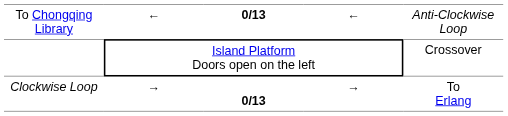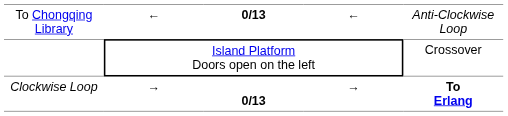 <table table border=0 cellspacing=0 cellpadding=4>
 <tr>
 <td style="border-top:solid 1px gray;" width=120 valign=top align=center>To <a href='#'>Chongqing Library</a></td>
 <td style="border-top:solid 1px gray;" width=120 valign=top align=center>←</td>
 <th style="border-top:solid 1px gray;" width=120 valign=top align=center><span>0/13<br></span></th>
 <td style="border-top:solid 1px gray;" width=120 valign=top align=center>←</td>
 <td style="border-top:solid 1px gray;" width=120 valign=top align=center><em>Anti-Clockwise Loop</em></td>
 </tr>
 <tr>
 <td style="border-top:solid 1px gray;border-bottom:solid 1px gray;" width=120 valign=top align=center></td>
 <td style="border-top:solid 2px black;border-right:solid 2px black;border-left:solid 2px black;border-bottom:solid 2px black;" colspan=3 align=center><a href='#'>Island Platform</a><br>Doors open on the left</td>
 <td style="border-top:solid 1px gray;border-bottom:solid 1px gray;" width=120 valign=top align=center>Crossover</td>
 <td></td>
 </tr>
 <tr>
 <td style="border-bottom:solid 1px gray;" valign=top align=center><em>Clockwise Loop</em></td>
 <td style="border-bottom:solid 1px gray;" width=120 valign=top align=center>→</td>
 <th style="border-bottom:solid 1px gray;" colspan=1 valign=top align=center><span><br>0/13</span></th>
 <td style="border-bottom:solid 1px gray;" width=120 valign=top align=center>→</td>
-<td style="border-bottom:solid 1px gray;"  valign=top align=center>To <br><a href='#'>Erlang</a></td>
+<td style="border-bottom:solid 1px gray;"  valign=top align=center><strong>To <br><a href='#'>Erlang</a></strong></td>
 </tr>
 </table>
